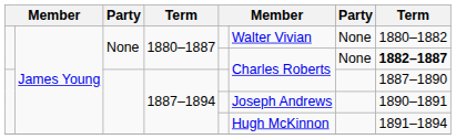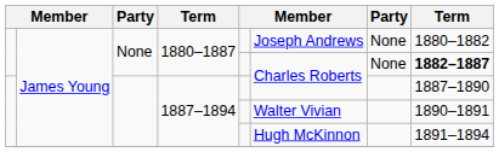 <table class="wikitable">
 <tr>
 <th colspan="2">Member</th>
 <th>Party</th>
 <th>Term</th>
 <th colspan="2">Member</th>
 <th>Party</th>
 <th>Term</th>
 </tr>
 <tr>
 <td rowspan="2" > </td>
 <td rowspan="5"><a href='#'>James Young</a></td>
 <td rowspan="2">None</td>
 <td rowspan="2">1880–1887</td>
 <td> </td>
-<td><a href='#'>Walter Vivian</a></td>
+<td><a href='#'>Joseph Andrews</a></td>
 <td>None</td>
 <td>1880–1882</td>
 </tr>
 <tr>
 <td> </td>
 <td rowspan="2"><a href='#'>Charles Roberts</a></td>
 <td>None</td>
 <td><strong>1882–1887</strong></td>
 </tr>
 <tr>
 <td rowspan="3" > </td>
 <td rowspan="3"></td>
 <td rowspan="3">1887–1894</td>
 <td> </td>
 <td></td>
 <td>1887–1890</td>
 </tr>
 <tr>
 <td> </td>
-<td><a href='#'>Joseph Andrews</a></td>
+<td><a href='#'>Walter Vivian</a></td>
 <td></td>
 <td>1890–1891</td>
 </tr>
 <tr>
 <td> </td>
 <td><a href='#'>Hugh McKinnon</a></td>
 <td></td>
 <td>1891–1894</td>
 </tr>
 <tr>
 </tr>
 </table>
